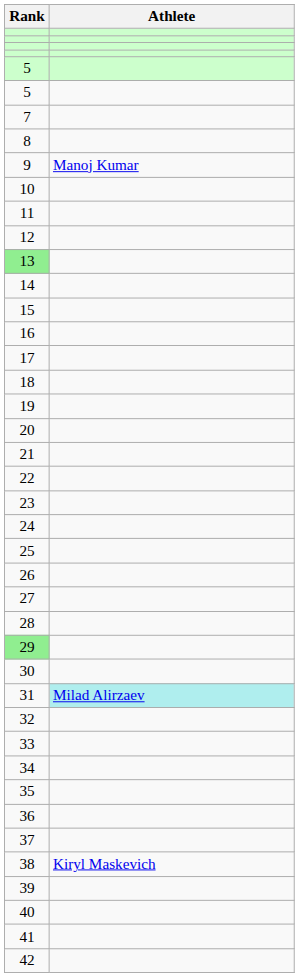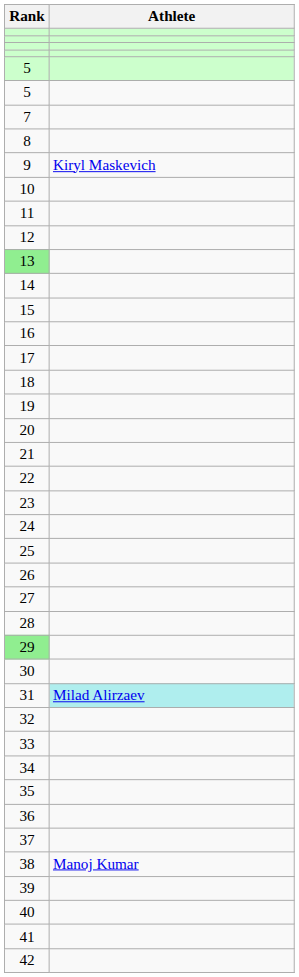 <table class="wikitable" style="text-align: center;">
 <tr>
 <th width=40>Rank</th>
 <th width=250>Athlete</th>
 </tr>
 <tr bgcolor=#ccffcc>
 <td></td>
 <td align="left"></td>
 </tr>
 <tr bgcolor=#ccffcc>
 <td></td>
 <td align="left"></td>
 </tr>
 <tr bgcolor=#ccffcc>
 <td></td>
 <td align="left"></td>
 </tr>
 <tr bgcolor=#ccffcc>
 <td></td>
 <td align="left"></td>
 </tr>
 <tr bgcolor=#ccffcc>
 <td>5</td>
 <td align="left"></td>
 </tr>
 <tr>
 <td>5</td>
 <td align="left"></td>
 </tr>
 <tr>
 <td>7</td>
 <td align="left"></td>
 </tr>
 <tr>
 <td>8</td>
 <td align="left"></td>
 </tr>
 <tr>
 <td>9</td>
-<td align="left"> <a href='#'>Manoj Kumar</a> </td>
+<td align="left"> <a href='#'>Kiryl Maskevich</a> </td>
 </tr>
 <tr>
 <td>10</td>
 <td align="left"></td>
 </tr>
 <tr>
 <td>11</td>
 <td align="left"></td>
 </tr>
 <tr>
 <td>12</td>
 <td align="left"></td>
 </tr>
 <tr>
 <td style="background: lightgreen;">13</td>
 <td align="left"></td>
 </tr>
 <tr>
 <td>14</td>
 <td align="left"></td>
 </tr>
 <tr>
 <td>15</td>
 <td align="left"></td>
 </tr>
 <tr>
 <td>16</td>
 <td align="left"></td>
 </tr>
 <tr>
 <td>17</td>
 <td align="left"></td>
 </tr>
 <tr>
 <td>18</td>
 <td align="left"></td>
 </tr>
 <tr>
 <td>19</td>
 <td align="left"></td>
 </tr>
 <tr>
 <td>20</td>
 <td align="left"></td>
 </tr>
 <tr>
 <td>21</td>
 <td align="left"></td>
 </tr>
 <tr>
 <td>22</td>
 <td align="left"></td>
 </tr>
 <tr>
 <td>23</td>
 <td align="left"></td>
 </tr>
 <tr>
 <td>24</td>
 <td align="left"></td>
 </tr>
 <tr>
 <td>25</td>
 <td align="left"></td>
 </tr>
 <tr>
 <td>26</td>
 <td align="left"></td>
 </tr>
 <tr>
 <td>27</td>
 <td align="left"></td>
 </tr>
 <tr>
 <td>28</td>
 <td align="left"></td>
 </tr>
 <tr>
 <td style="background: lightgreen;">29</td>
 <td align="left"></td>
 </tr>
 <tr>
 <td>30</td>
 <td align="left"></td>
 </tr>
 <tr>
 <td>31</td>
 <td align="left" style="background: paleturquoise;"> <a href='#'>Milad Alirzaev</a> </td>
 </tr>
 <tr>
 <td>32</td>
 <td align="left"></td>
 </tr>
 <tr>
 <td>33</td>
 <td align="left"></td>
 </tr>
 <tr>
 <td>34</td>
 <td align="left"></td>
 </tr>
 <tr>
 <td>35</td>
 <td align="left"></td>
 </tr>
 <tr>
 <td>36</td>
 <td align="left"></td>
 </tr>
 <tr>
 <td>37</td>
 <td align="left"></td>
 </tr>
 <tr>
 <td>38</td>
-<td align="left"> <a href='#'>Kiryl Maskevich</a> </td>
+<td align="left"> <a href='#'>Manoj Kumar</a> </td>
 </tr>
 <tr>
 <td>39</td>
 <td align="left"></td>
 </tr>
 <tr>
 <td>40</td>
 <td align="left"></td>
 </tr>
 <tr>
 <td>41</td>
 <td align="left"></td>
 </tr>
 <tr>
 <td>42</td>
 <td align="left"></td>
 </tr>
 </table>
